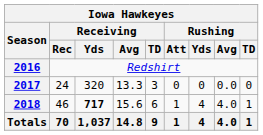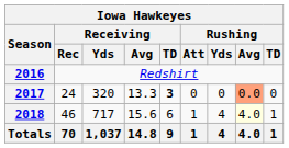 <table class=wikitable style="text-align:center;">
 <tr>
 <th colspan="10">Iowa Hawkeyes</th>
 </tr>
 <tr>
 <th rowspan="2">Season</th>
 <th colspan="4">Receiving</th>
 <th colspan="4">Rushing</th>
 </tr>
 <tr>
 <th>Rec</th>
 <th>Yds</th>
 <th>Avg</th>
 <th>TD</th>
 <th>Att</th>
 <th>Yds</th>
 <th>Avg</th>
 <th>TD</th>
 </tr>
 <tr>
 <th><a href='#'>2016</a></th>
 <td colspan="8"> <em><a href='#'>Redshirt</a></em></td>
 </tr>
 <tr>
 <th><a href='#'>2017</a></th>
 <td>24</td>
 <td>320</td>
 <td>13.3</td>
-<td>3</td>
+<td><strong>3</strong></td>
 <td>0</td>
 <td>0</td>
-<td>0.0</td>
+<td style="background: lightsalmon;">0.0</td>
 <td>0</td>
 </tr>
 <tr>
 <th><a href='#'>2018</a></th>
 <td>46</td>
-<td><strong>717</strong></td>
+<td>717</td>
 <td>15.6</td>
 <td>6</td>
 <td>1</td>
 <td>4</td>
-<td>4.0</td>
+<td style="background: lightyellow;">4.0</td>
 <td>1</td>
 </tr>
 <tr>
 <th>Totals</th>
 <th>70</th>
 <th>1,037</th>
 <th>14.8</th>
 <th>9</th>
 <th>1</th>
 <th>4</th>
 <th>4.0</th>
 <th>1</th>
 </tr>
 </table>
